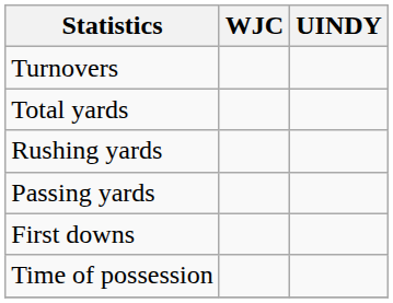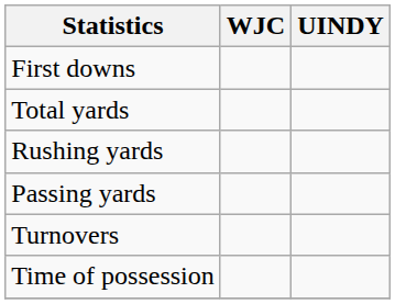 <table class="wikitable" style="float: left;">
 <tr>
 <th>Statistics</th>
 <th>WJC</th>
 <th>UINDY</th>
 </tr>
 <tr>
-<td>Turnovers</td>
+<td>First downs</td>
 <td></td>
 <td></td>
 </tr>
 <tr>
 <td>Total yards</td>
 <td></td>
 <td></td>
 </tr>
 <tr>
 <td>Rushing yards</td>
 <td></td>
 <td></td>
 </tr>
 <tr>
 <td>Passing yards</td>
 <td></td>
 <td></td>
 </tr>
 <tr>
-<td>First downs</td>
+<td>Turnovers</td>
 <td></td>
 <td></td>
 </tr>
 <tr>
 <td>Time of possession</td>
 <td></td>
 <td></td>
 </tr>
 <tr>
 </tr>
 </table>
